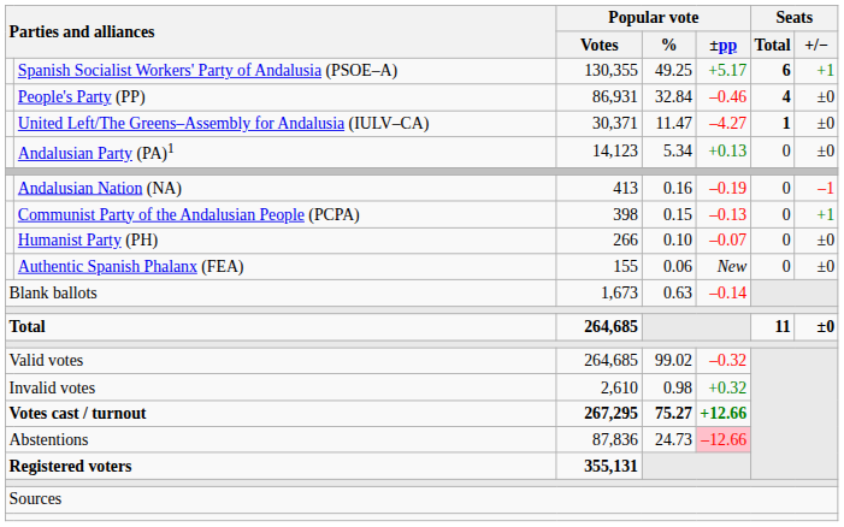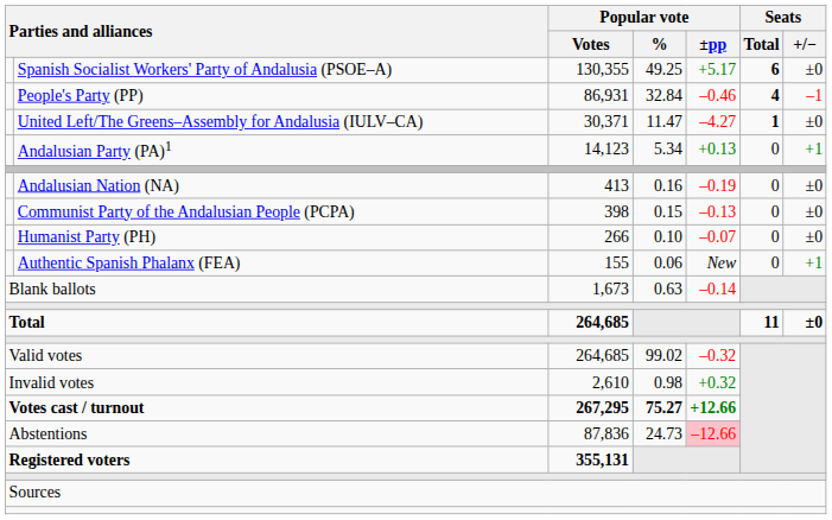 <table class="wikitable" style="text-align:right;">
 <tr>
 <th style="text-align:left;" rowspan="2" colspan="2" width="525">Parties and alliances</th>
 <th colspan="3">Popular vote</th>
 <th colspan="2">Seats</th>
 </tr>
 <tr>
 <th width="75">Votes</th>
 <th width="45">%</th>
 <th width="45">±<a href='#'>pp</a></th>
 <th width="35">Total</th>
 <th width="35">+/−</th>
 </tr>
 <tr>
 <td width="1" style="color:inherit;background:"></td>
 <td align="left"><a href='#'>Spanish Socialist Workers' Party of Andalusia</a> (PSOE–A)</td>
 <td>130,355</td>
 <td>49.25</td>
 <td style="color:green;">+5.17</td>
 <td><strong>6</strong></td>
-<td style="color:green;">+1</td>
+<td>±0</td>
 </tr>
 <tr>
 <td style="color:inherit;background:"></td>
 <td align="left"><a href='#'>People's Party</a> (PP)</td>
 <td>86,931</td>
 <td>32.84</td>
 <td style="color:red;">–0.46</td>
 <td><strong>4</strong></td>
-<td>±0</td>
+<td style="color:red;">–1</td>
 </tr>
 <tr>
 <td style="color:inherit;background:"></td>
 <td align="left"><a href='#'>United Left/The Greens–Assembly for Andalusia</a> (IULV–CA)</td>
 <td>30,371</td>
 <td>11.47</td>
 <td style="color:red;">–4.27</td>
 <td><strong>1</strong></td>
 <td>±0</td>
 </tr>
 <tr>
 <td style="color:inherit;background:"></td>
 <td align="left"><a href='#'>Andalusian Party</a> (PA)<sup>1</sup></td>
 <td>14,123</td>
 <td>5.34</td>
 <td style="color:green;">+0.13</td>
 <td>0</td>
-<td>±0</td>
+<td style="color:green;">+1</td>
 </tr>
 <tr>
 <td colspan="7" bgcolor="#C0C0C0"></td>
 </tr>
 <tr>
 <td style="color:inherit;background:"></td>
 <td align="left"><a href='#'>Andalusian Nation</a> (NA)</td>
 <td>413</td>
 <td>0.16</td>
 <td style="color:red;">–0.19</td>
 <td>0</td>
-<td style="color:red;">–1</td>
+<td>±0</td>
 </tr>
 <tr>
 <td style="color:inherit;background:"></td>
 <td align="left"><a href='#'>Communist Party of the Andalusian People</a> (PCPA)</td>
 <td>398</td>
 <td>0.15</td>
 <td style="color:red;">–0.13</td>
 <td>0</td>
-<td style="color:green;">+1</td>
+<td>±0</td>
 </tr>
 <tr>
 <td style="color:inherit;background:"></td>
 <td align="left"><a href='#'>Humanist Party</a> (PH)</td>
 <td>266</td>
 <td>0.10</td>
 <td style="color:red;">–0.07</td>
 <td>0</td>
 <td>±0</td>
 </tr>
 <tr>
 <td style="color:inherit;background:"></td>
 <td align="left"><a href='#'>Authentic Spanish Phalanx</a> (FEA)</td>
 <td>155</td>
 <td>0.06</td>
 <td><em>New</em></td>
 <td>0</td>
-<td>±0</td>
+<td style="color:green;">+1</td>
 </tr>
 <tr>
 <td align="left" colspan="2">Blank ballots</td>
 <td>1,673</td>
 <td>0.63</td>
 <td style="color:red;">–0.14</td>
 <td bgcolor="#E9E9E9" colspan="2"></td>
 </tr>
 <tr>
 <td colspan="7" bgcolor="#E9E9E9"></td>
 </tr>
 <tr style="font-weight:bold;">
 <td align="left" colspan="2">Total</td>
 <td>264,685</td>
 <td bgcolor="#E9E9E9" colspan="2"></td>
 <td>11</td>
 <td>±0</td>
 </tr>
 <tr>
 <td colspan="7" bgcolor="#E9E9E9"></td>
 </tr>
 <tr>
 <td align="left" colspan="2">Valid votes</td>
 <td>264,685</td>
 <td>99.02</td>
 <td style="color:red;">–0.32</td>
 <td bgcolor="#E9E9E9" colspan="2" rowspan="5"></td>
 </tr>
 <tr>
 <td align="left" colspan="2">Invalid votes</td>
 <td>2,610</td>
 <td>0.98</td>
 <td style="color:green;">+0.32</td>
 </tr>
 <tr style="font-weight:bold;">
 <td align="left" colspan="2">Votes cast / turnout</td>
 <td>267,295</td>
 <td>75.27</td>
 <td style="color:green;">+12.66</td>
 </tr>
 <tr>
 <td align="left" colspan="2">Abstentions</td>
 <td>87,836</td>
 <td>24.73</td>
 <td style="background: pink; color:red;">–12.66</td>
 </tr>
 <tr style="font-weight:bold;">
 <td align="left" colspan="2">Registered voters</td>
 <td>355,131</td>
 <td bgcolor="#E9E9E9" colspan="2"></td>
 </tr>
 <tr>
 <td colspan="7" bgcolor="#E9E9E9"></td>
 </tr>
 <tr>
 <td align="left" colspan="7">Sources</td>
 </tr>
 <tr>
 <td colspan="7" style="text-align:left; max-width:790px;"></td>
 </tr>
 </table>
